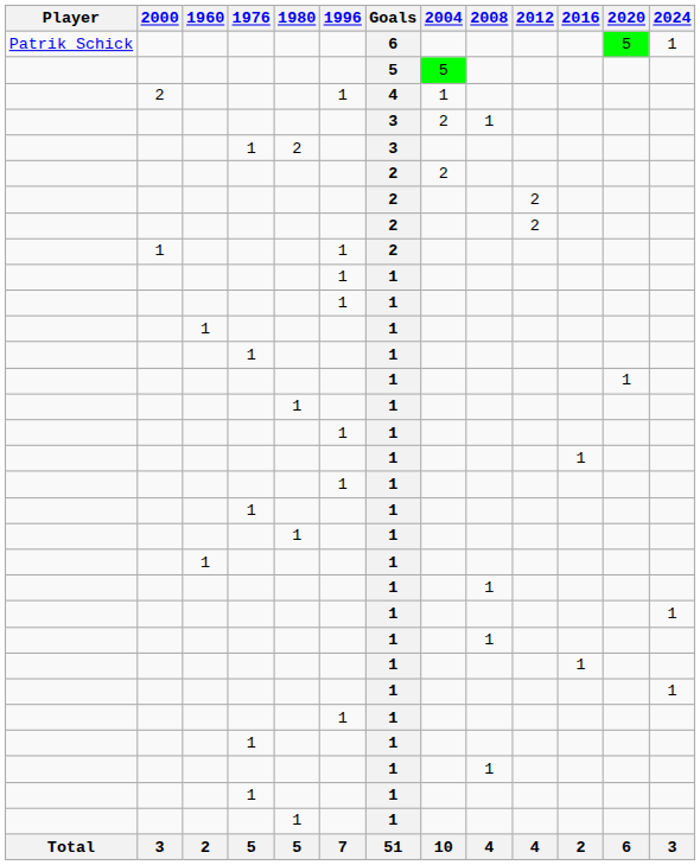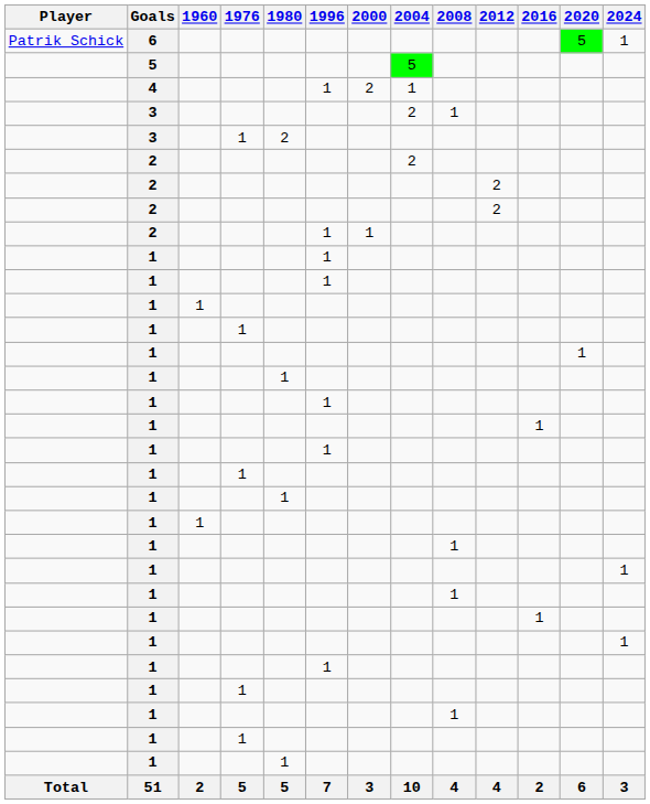 <table class="wikitable sortable" style="text-align:center;">
 <tr>
 <th>Player</th>
-<th><a href='#'>2000</a></th>
+<th>Goals</th>
 <th><a href='#'>1960</a></th>
 <th><a href='#'>1976</a></th>
 <th><a href='#'>1980</a></th>
 <th><a href='#'>1996</a></th>
-<th>Goals</th>
+<th><a href='#'>2000</a></th>
 <th><a href='#'>2004</a></th>
 <th><a href='#'>2008</a></th>
 <th><a href='#'>2012</a></th>
 <th><a href='#'>2016</a></th>
 <th><a href='#'>2020</a></th>
 <th><a href='#'>2024</a></th>
 </tr>
 <tr>
 <td align="left"><a href='#'>Patrik Schick</a></td>
+<th>6</th>
 <td></td>
 <td></td>
 <td></td>
 <td></td>
 <td></td>
-<th>6</th>
 <td></td>
 <td></td>
 <td></td>
 <td></td>
 <td style="background:#00FF00">5</td>
 <td>1</td>
 </tr>
 <tr>
 <td align="left"></td>
+<th>5</th>
 <td></td>
 <td></td>
 <td></td>
 <td></td>
 <td></td>
-<th>5</th>
 <td style="background:#00FF00">5</td>
 <td></td>
 <td></td>
 <td></td>
 <td></td>
 <td></td>
 </tr>
 <tr>
 <td align="left"></td>
-<td>2</td>
+<th>4</th>
 <td></td>
 <td></td>
 <td></td>
 <td>1</td>
-<th>4</th>
+<td>2</td>
 <td>1</td>
 <td></td>
 <td></td>
 <td></td>
 <td></td>
 <td></td>
 </tr>
 <tr>
 <td align="left"></td>
+<th>3</th>
 <td></td>
 <td></td>
 <td></td>
 <td></td>
 <td></td>
-<th>3</th>
 <td>2</td>
 <td>1</td>
 <td></td>
 <td></td>
 <td></td>
 <td></td>
 </tr>
 <tr>
 <td align="left"></td>
-<td></td>
+<th>3</th>
 <td></td>
 <td>1</td>
 <td>2</td>
 <td></td>
-<th>3</th>
+<td></td>
 <td></td>
 <td></td>
 <td></td>
 <td></td>
 <td></td>
 <td></td>
 </tr>
 <tr>
 <td align="left"></td>
+<th>2</th>
 <td></td>
 <td></td>
 <td></td>
 <td></td>
 <td></td>
-<th>2</th>
 <td>2</td>
 <td></td>
 <td></td>
 <td></td>
 <td></td>
 <td></td>
 </tr>
 <tr>
 <td align="left"></td>
+<th>2</th>
 <td></td>
 <td></td>
 <td></td>
 <td></td>
 <td></td>
-<th>2</th>
 <td></td>
 <td></td>
 <td>2</td>
 <td></td>
 <td></td>
 <td></td>
 </tr>
 <tr>
 <td align="left"></td>
+<th>2</th>
 <td></td>
 <td></td>
 <td></td>
 <td></td>
 <td></td>
-<th>2</th>
 <td></td>
 <td></td>
 <td>2</td>
 <td></td>
 <td></td>
 <td></td>
 </tr>
 <tr>
 <td align="left"></td>
-<td>1</td>
+<th>2</th>
 <td></td>
 <td></td>
 <td></td>
 <td>1</td>
-<th>2</th>
+<td>1</td>
 <td></td>
 <td></td>
 <td></td>
 <td></td>
 <td></td>
 <td></td>
 </tr>
 <tr>
 <td align="left"></td>
-<td></td>
+<th>1</th>
 <td></td>
 <td></td>
 <td></td>
 <td>1</td>
-<th>1</th>
+<td></td>
 <td></td>
 <td></td>
 <td></td>
 <td></td>
 <td></td>
 <td></td>
 </tr>
 <tr>
 <td align="left"></td>
-<td></td>
+<th>1</th>
 <td></td>
 <td></td>
 <td></td>
 <td>1</td>
-<th>1</th>
+<td></td>
 <td></td>
 <td></td>
 <td></td>
 <td></td>
 <td></td>
 <td></td>
 </tr>
 <tr>
 <td align="left"></td>
-<td></td>
+<th>1</th>
 <td>1</td>
 <td></td>
 <td></td>
 <td></td>
-<th>1</th>
+<td></td>
 <td></td>
 <td></td>
 <td></td>
 <td></td>
 <td></td>
 <td></td>
 </tr>
 <tr>
 <td align="left"></td>
-<td></td>
+<th>1</th>
 <td></td>
 <td>1</td>
 <td></td>
 <td></td>
-<th>1</th>
+<td></td>
 <td></td>
 <td></td>
 <td></td>
 <td></td>
 <td></td>
 <td></td>
 </tr>
 <tr>
 <td align="left"></td>
+<th>1</th>
 <td></td>
 <td></td>
 <td></td>
 <td></td>
 <td></td>
-<th>1</th>
 <td></td>
 <td></td>
 <td></td>
 <td></td>
 <td>1</td>
 <td></td>
 </tr>
 <tr>
 <td align="left"></td>
-<td></td>
+<th>1</th>
 <td></td>
 <td></td>
 <td>1</td>
 <td></td>
-<th>1</th>
+<td></td>
 <td></td>
 <td></td>
 <td></td>
 <td></td>
 <td></td>
 <td></td>
 </tr>
 <tr>
 <td align="left"></td>
-<td></td>
+<th>1</th>
 <td></td>
 <td></td>
 <td></td>
 <td>1</td>
-<th>1</th>
+<td></td>
 <td></td>
 <td></td>
 <td></td>
 <td></td>
 <td></td>
 <td></td>
 </tr>
 <tr>
 <td align="left"></td>
+<th>1</th>
 <td></td>
 <td></td>
 <td></td>
 <td></td>
 <td></td>
-<th>1</th>
 <td></td>
 <td></td>
 <td></td>
 <td>1</td>
 <td></td>
 <td></td>
 </tr>
 <tr>
 <td align="left"></td>
-<td></td>
+<th>1</th>
 <td></td>
 <td></td>
 <td></td>
 <td>1</td>
-<th>1</th>
+<td></td>
 <td></td>
 <td></td>
 <td></td>
 <td></td>
 <td></td>
 <td></td>
 </tr>
 <tr>
 <td align="left"></td>
-<td></td>
+<th>1</th>
 <td></td>
 <td>1</td>
 <td></td>
 <td></td>
-<th>1</th>
+<td></td>
 <td></td>
 <td></td>
 <td></td>
 <td></td>
 <td></td>
 <td></td>
 </tr>
 <tr>
 <td align="left"></td>
-<td></td>
+<th>1</th>
 <td></td>
 <td></td>
 <td>1</td>
 <td></td>
-<th>1</th>
+<td></td>
 <td></td>
 <td></td>
 <td></td>
 <td></td>
 <td></td>
 <td></td>
 </tr>
 <tr>
 <td align="left"></td>
-<td></td>
+<th>1</th>
 <td>1</td>
 <td></td>
 <td></td>
 <td></td>
-<th>1</th>
+<td></td>
 <td></td>
 <td></td>
 <td></td>
 <td></td>
 <td></td>
 <td></td>
 </tr>
 <tr>
 <td align="left"></td>
+<th>1</th>
 <td></td>
 <td></td>
 <td></td>
 <td></td>
 <td></td>
-<th>1</th>
 <td></td>
 <td>1</td>
 <td></td>
 <td></td>
 <td></td>
 <td></td>
 </tr>
 <tr>
 <td align="left"></td>
+<th>1</th>
 <td></td>
 <td></td>
 <td></td>
 <td></td>
 <td></td>
-<th>1</th>
 <td></td>
 <td></td>
 <td></td>
 <td></td>
 <td></td>
 <td>1</td>
 </tr>
 <tr>
 <td align="left"></td>
+<th>1</th>
 <td></td>
 <td></td>
 <td></td>
 <td></td>
 <td></td>
-<th>1</th>
 <td></td>
 <td>1</td>
 <td></td>
 <td></td>
 <td></td>
 <td></td>
 </tr>
 <tr>
 <td align="left"></td>
+<th>1</th>
 <td></td>
 <td></td>
 <td></td>
 <td></td>
 <td></td>
-<th>1</th>
 <td></td>
 <td></td>
 <td></td>
 <td>1</td>
 <td></td>
 <td></td>
 </tr>
 <tr>
 <td align="left"></td>
+<th>1</th>
 <td></td>
 <td></td>
 <td></td>
 <td></td>
 <td></td>
-<th>1</th>
 <td></td>
 <td></td>
 <td></td>
 <td></td>
 <td></td>
 <td>1</td>
 </tr>
 <tr>
 <td align="left"></td>
-<td></td>
+<th>1</th>
 <td></td>
 <td></td>
 <td></td>
 <td>1</td>
-<th>1</th>
+<td></td>
 <td></td>
 <td></td>
 <td></td>
 <td></td>
 <td></td>
 <td></td>
 </tr>
 <tr>
 <td align="left"></td>
-<td></td>
+<th>1</th>
 <td></td>
 <td>1</td>
 <td></td>
 <td></td>
-<th>1</th>
+<td></td>
 <td></td>
 <td></td>
 <td></td>
 <td></td>
 <td></td>
 <td></td>
 </tr>
 <tr>
 <td align="left"></td>
+<th>1</th>
 <td></td>
 <td></td>
 <td></td>
 <td></td>
 <td></td>
-<th>1</th>
 <td></td>
 <td>1</td>
 <td></td>
 <td></td>
 <td></td>
 <td></td>
 </tr>
 <tr>
 <td align="left"></td>
-<td></td>
+<th>1</th>
 <td></td>
 <td>1</td>
 <td></td>
 <td></td>
-<th>1</th>
+<td></td>
 <td></td>
 <td></td>
 <td></td>
 <td></td>
 <td></td>
 <td></td>
 </tr>
 <tr>
 <td align="left"></td>
-<td></td>
+<th>1</th>
 <td></td>
 <td></td>
 <td>1</td>
 <td></td>
-<th>1</th>
+<td></td>
 <td></td>
 <td></td>
 <td></td>
 <td></td>
 <td></td>
 <td></td>
 </tr>
 <tr class="sortbottom">
 <th>Total</th>
-<th>3</th>
+<th>51</th>
 <th>2</th>
 <th>5</th>
 <th>5</th>
 <th>7</th>
-<th>51</th>
+<th>3</th>
 <th>10</th>
 <th>4</th>
 <th>4</th>
 <th>2</th>
 <th>6</th>
 <th>3</th>
 </tr>
 </table>
